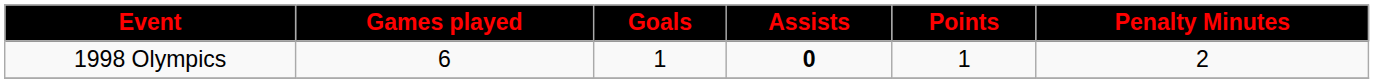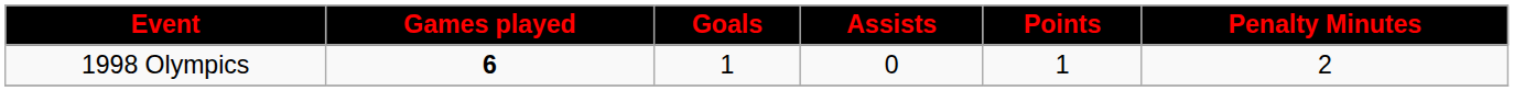 <table class="wikitable" width="75%">
 <tr align="center"  style="background:black;color:red;">
 <td><strong>Event</strong></td>
 <td><strong>Games played</strong></td>
 <td><strong>Goals</strong></td>
 <td><strong>Assists</strong></td>
 <td><strong>Points</strong></td>
 <td><strong>Penalty Minutes</strong></td>
 </tr>
 <tr align="center" bgcolor="">
 <td>1998 Olympics</td>
-<td>6</td>
+<td><strong>6</strong></td>
 <td>1</td>
-<td><strong>0</strong></td>
+<td>0</td>
 <td>1</td>
 <td>2</td>
 </tr>
 <tr align="center" bgcolor="">
 </tr>
 </table>
